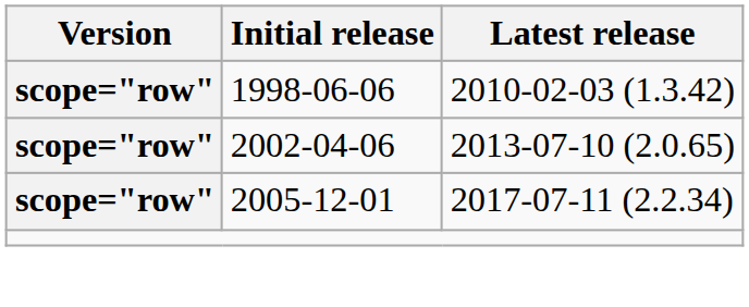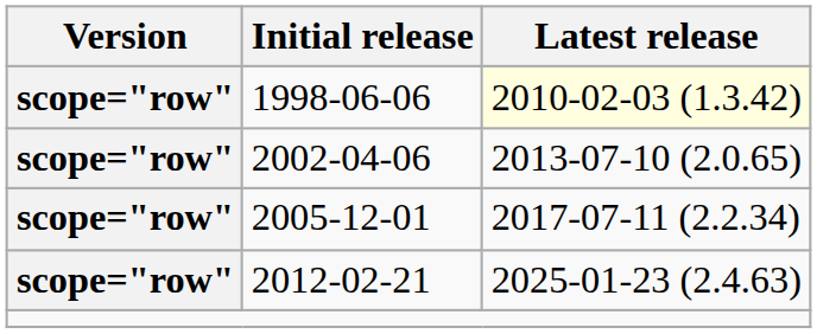 <table class="wikitable" style="float: right; margin-left: 1em;">
 <tr>
 <th scope="col">Version</th>
 <th scope="col">Initial release</th>
 <th scope="col">Latest release</th>
 </tr>
 <tr>
 <th>scope="row" </th>
 <td>1998-06-06</td>
-<td>2010-02-03 (1.3.42)</td>
+<td style="background: lightyellow;">2010-02-03 (1.3.42)</td>
 </tr>
 <tr>
 <th>scope="row" </th>
 <td>2002-04-06</td>
 <td>2013-07-10 (2.0.65)</td>
 </tr>
 <tr>
 <th>scope="row" </th>
 <td>2005-12-01</td>
 <td>2017-07-11 (2.2.34)</td>
 </tr>
 <tr>
+<th>scope="row" </th>
+<td>2012-02-21</td>
+<td>2025-01-23 (2.4.63)</td>
+</tr>
+<tr>
 <td colspan="3"></td>
 </tr>
 </table>
